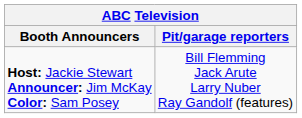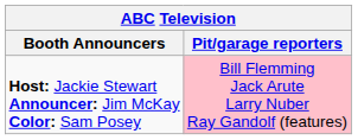 <table class="wikitable" style="font-size: 95%;">
 <tr>
 <th colspan=2><a href='#'>ABC</a> <a href='#'>Television</a></th>
 </tr>
 <tr>
 <th>Booth Announcers</th>
 <th><a href='#'>Pit/garage reporters</a></th>
 </tr>
 <tr>
 <td valign="top"><br><strong>Host:</strong> <a href='#'>Jackie Stewart</a><br> <strong><a href='#'>Announcer</a>:</strong> <a href='#'>Jim McKay</a><br> <strong><a href='#'>Color</a>:</strong> <a href='#'>Sam Posey</a><br></td>
-<td align="center" valign="top"><a href='#'>Bill Flemming</a><br><a href='#'>Jack Arute</a><br><a href='#'>Larry Nuber</a><br><a href='#'>Ray Gandolf</a> (features)<br></td>
+<td align="center" valign="top" style="background: pink;"><a href='#'>Bill Flemming</a><br><a href='#'>Jack Arute</a><br><a href='#'>Larry Nuber</a><br><a href='#'>Ray Gandolf</a> (features)<br></td>
 </tr>
 </table>
